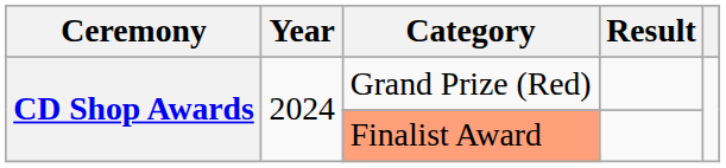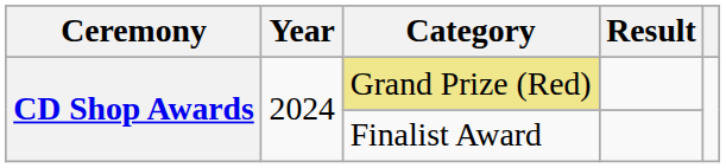 <table class="wikitable plainrowheaders">
 <tr>
 <th scope="col">Ceremony</th>
 <th scope="col">Year</th>
 <th scope="col">Category</th>
 <th scope="col">Result</th>
 <th scope="col" class="unsortable"></th>
 </tr>
 <tr>
 <th scope="row" rowspan="2"><a href='#'>CD Shop Awards</a></th>
 <td style="text-align:center" rowspan="2">2024</td>
-<td>Grand Prize (Red)</td>
+<td style="background: khaki;">Grand Prize (Red)</td>
 <td></td>
 <td style="text-align:center" rowspan="2"></td>
 </tr>
 <tr>
-<td style="background: lightsalmon;">Finalist Award</td>
+<td>Finalist Award</td>
 <td></td>
 </tr>
 </table>
